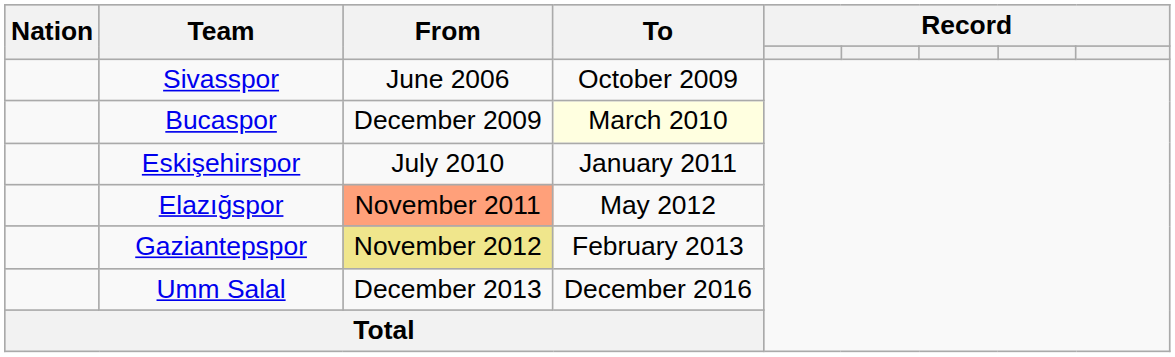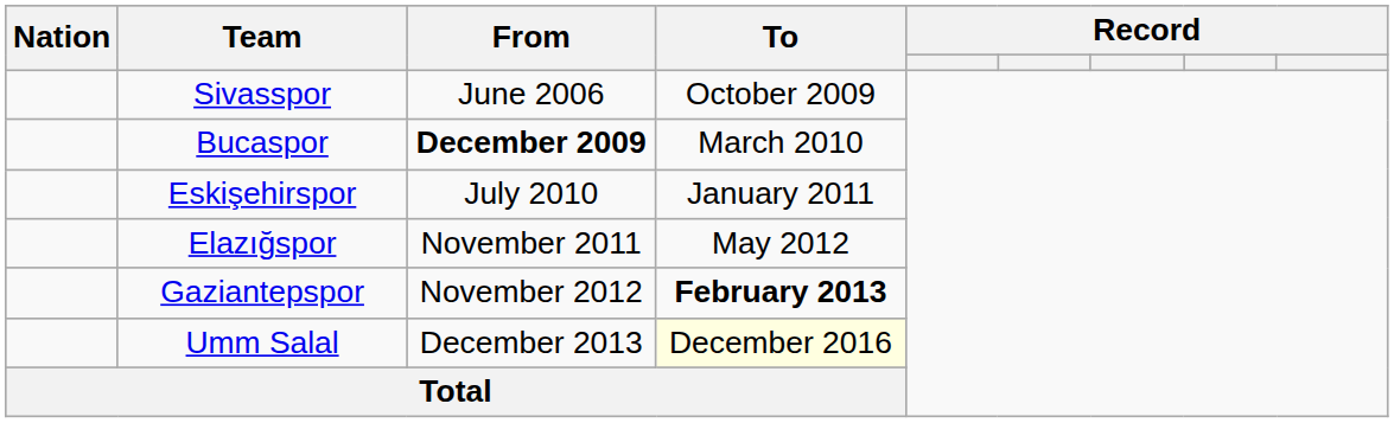 <table class="wikitable" style="text-align: center">
 <tr>
 <th rowspan=2! width=50>Nation</th>
 <th rowspan=2! width=140>Team</th>
 <th rowspan=2! width=120>From</th>
 <th rowspan=2! width=120>To</th>
 <th colspan=5>Record</th>
 </tr>
 <tr>
 <th width=40></th>
 <th width=40></th>
 <th width=40></th>
 <th width=40></th>
 <th width=50></th>
 </tr>
 <tr>
 <td></td>
 <td><a href='#'>Sivasspor</a></td>
 <td>June 2006</td>
 <td>October 2009<br></td>
 </tr>
 <tr>
 <td></td>
 <td><a href='#'>Bucaspor</a></td>
-<td>December 2009</td>
-<td style="background: lightyellow;">March 2010<br></td>
+<td><strong>December 2009</strong></td>
+<td>March 2010<br></td>
 </tr>
 <tr>
 <td></td>
 <td><a href='#'>Eskişehirspor</a></td>
 <td>July 2010</td>
 <td>January 2011<br></td>
 </tr>
 <tr>
 <td></td>
 <td><a href='#'>Elazığspor</a></td>
-<td style="background: lightsalmon;">November 2011</td>
+<td>November 2011</td>
 <td>May 2012<br></td>
 </tr>
 <tr>
 <td></td>
 <td><a href='#'>Gaziantepspor</a></td>
-<td style="background: khaki;">November 2012</td>
-<td>February 2013<br></td>
+<td>November 2012</td>
+<td><strong>February 2013<br></strong></td>
 </tr>
 <tr>
 <td></td>
 <td><a href='#'>Umm Salal</a></td>
 <td>December 2013</td>
-<td>December 2016<br></td>
+<td style="background: lightyellow;">December 2016<br></td>
 </tr>
 <tr>
 <th colspan="4">Total<br></th>
 </tr>
 </table>
